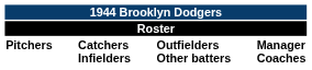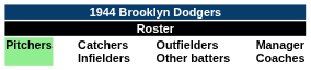 <table class="toccolours" style="font-size: 95%;">
 <tr>
 <th colspan="10" style="background-color: #083c6b; color: white; text-align: center;">1944 Brooklyn Dodgers</th>
 </tr>
 <tr>
 <td colspan="10" style="background-color: black; color: white; text-align: center;"><strong>Roster</strong></td>
 </tr>
 <tr>
-<td valign="top"><strong>Pitchers</strong><br>                       </td>
+<td valign="top" style="background: lightgreen;"><strong>Pitchers</strong><br>                       </td>
 <td width="25px"></td>
 <td valign="top"><strong>Catchers</strong><br>     <strong>Infielders</strong>              </td>
 <td width="25px"></td>
 <td valign="top"><strong>Outfielders</strong><br>         <strong>Other batters</strong> </td>
 <td width="25px"></td>
 <td valign="top"><strong>Manager</strong><br> <strong>Coaches</strong>  </td>
 </tr>
 </table>
